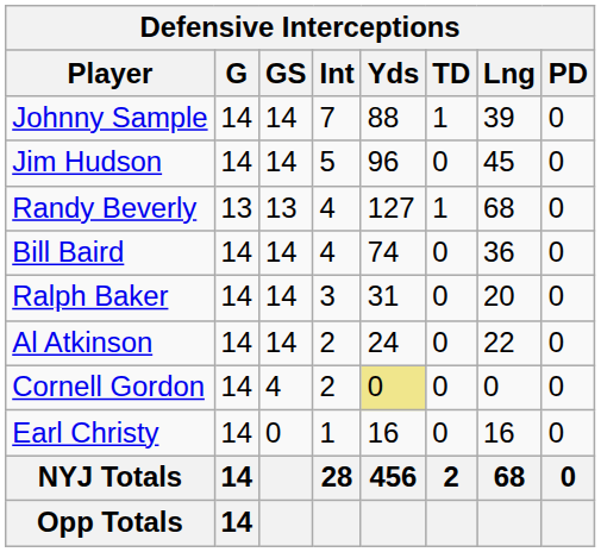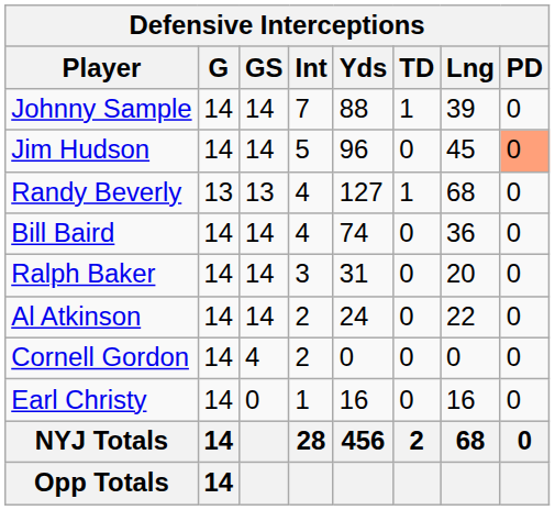 <table class="wikitable">
 <tr>
 <th colspan="8">Defensive Interceptions</th>
 </tr>
 <tr>
 <th>Player</th>
 <th>G</th>
 <th>GS</th>
 <th>Int</th>
 <th>Yds</th>
 <th>TD</th>
 <th>Lng</th>
 <th>PD</th>
 </tr>
 <tr>
 <td><a href='#'>Johnny Sample</a></td>
 <td>14</td>
 <td>14</td>
 <td>7</td>
 <td>88</td>
 <td>1</td>
 <td>39</td>
 <td>0</td>
 </tr>
 <tr>
 <td><a href='#'>Jim Hudson</a></td>
 <td>14</td>
 <td>14</td>
 <td>5</td>
 <td>96</td>
 <td>0</td>
 <td>45</td>
-<td>0</td>
+<td style="background: lightsalmon;">0</td>
 </tr>
 <tr>
 <td><a href='#'>Randy Beverly</a></td>
 <td>13</td>
 <td>13</td>
 <td>4</td>
 <td>127</td>
 <td>1</td>
 <td>68</td>
 <td>0</td>
 </tr>
 <tr>
 <td><a href='#'>Bill Baird</a></td>
 <td>14</td>
 <td>14</td>
 <td>4</td>
 <td>74</td>
 <td>0</td>
 <td>36</td>
 <td>0</td>
 </tr>
 <tr>
 <td><a href='#'>Ralph Baker</a></td>
 <td>14</td>
 <td>14</td>
 <td>3</td>
 <td>31</td>
 <td>0</td>
 <td>20</td>
 <td>0</td>
 </tr>
 <tr>
 <td><a href='#'>Al Atkinson</a></td>
 <td>14</td>
 <td>14</td>
 <td>2</td>
 <td>24</td>
 <td>0</td>
 <td>22</td>
 <td>0</td>
 </tr>
 <tr>
 <td><a href='#'>Cornell Gordon</a></td>
 <td>14</td>
 <td>4</td>
 <td>2</td>
-<td style="background: khaki;">0</td>
+<td>0</td>
 <td>0</td>
 <td>0</td>
 <td>0</td>
 </tr>
 <tr>
 <td><a href='#'>Earl Christy</a></td>
 <td>14</td>
 <td>0</td>
 <td>1</td>
 <td>16</td>
 <td>0</td>
 <td>16</td>
 <td>0</td>
 </tr>
 <tr>
 <th><strong>NYJ Totals</strong></th>
 <th>14</th>
 <th></th>
 <th>28</th>
 <th>456</th>
 <th>2</th>
 <th>68</th>
 <th>0</th>
 </tr>
 <tr>
 <th><strong>Opp Totals</strong></th>
 <th>14</th>
 <th></th>
 <th></th>
 <th></th>
 <th></th>
 <th></th>
 <th></th>
 </tr>
 </table>
